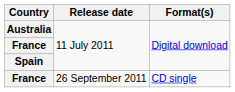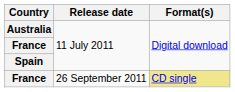 <table class="wikitable plainrowheaders">
 <tr>
 <th scope="col">Country</th>
 <th scope="col">Release date</th>
 <th scope="col">Format(s)</th>
 </tr>
 <tr>
 <th>Australia</th>
 <td rowspan="3">11 July 2011</td>
 <td rowspan="3"><a href='#'>Digital download</a></td>
 </tr>
 <tr>
 <th>France</th>
 </tr>
 <tr>
 <th>Spain</th>
 </tr>
 <tr>
 <th>France</th>
 <td>26 September 2011</td>
-<td><a href='#'>CD single</a></td>
+<td style="background: khaki;"><a href='#'>CD single</a></td>
 </tr>
 </table>
